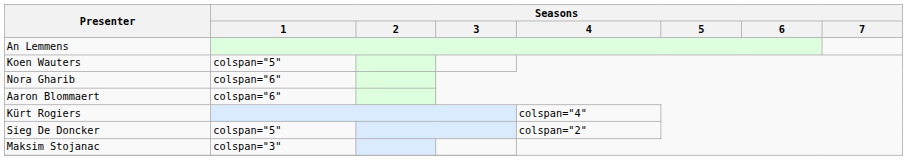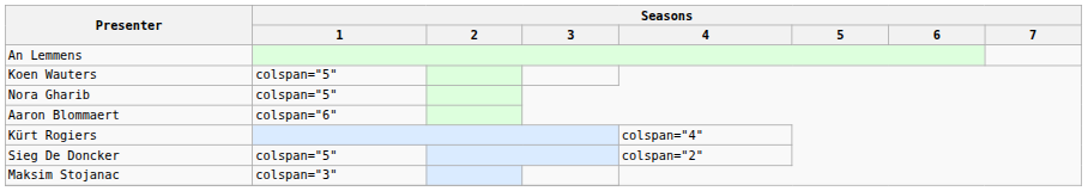 <table class="wikitable" width="90%">
 <tr>
 <th rowspan="2" width="23%">Presenter</th>
 <th colspan="7">Seasons</th>
 </tr>
 <tr>
 <th width="45">1</th>
 <th width="45">2</th>
 <th width="45">3</th>
 <th width="45">4</th>
 <th width="45">5</th>
 <th width="45">6</th>
 <th width="45">7</th>
 </tr>
 <tr>
 <td>An Lemmens</td>
 <td colspan="6" style="background:#ddffdd"></td>
 <td></td>
 </tr>
 <tr>
 <td>Koen Wauters</td>
 <td>colspan="5" </td>
 <td style="background:#ddffdd"></td>
 <td></td>
 </tr>
 <tr>
 <td>Nora Gharib</td>
-<td>colspan="6" </td>
+<td>colspan="5" </td>
 <td style="background:#ddffdd"></td>
 </tr>
 <tr>
 <td>Aaron Blommaert</td>
 <td>colspan="6" </td>
 <td style="background:#ddffdd"></td>
 </tr>
 <tr>
 <td>Kürt Rogiers</td>
 <td colspan="3" style="background:#DAEBFF"></td>
 <td>colspan="4" </td>
 </tr>
 <tr>
 <td>Sieg De Doncker</td>
 <td>colspan="5" </td>
 <td colspan="2" style="background:#DAEBFF"></td>
 <td>colspan="2" </td>
 </tr>
 <tr>
 <td>Maksim Stojanac</td>
 <td>colspan="3" </td>
 <td style="background:#DAEBFF"></td>
 <td></td>
 </tr>
 <tr>
 </tr>
 </table>
